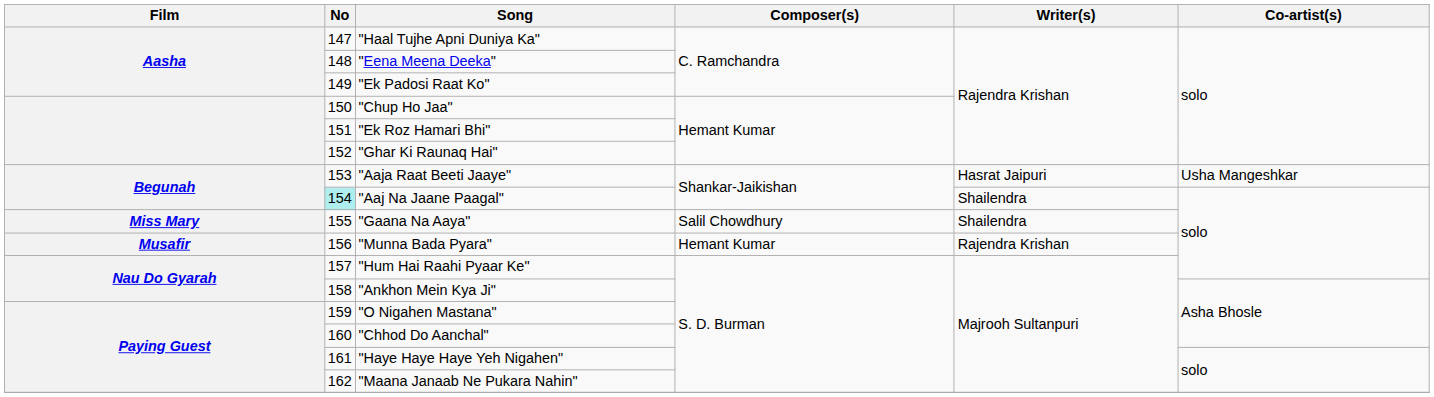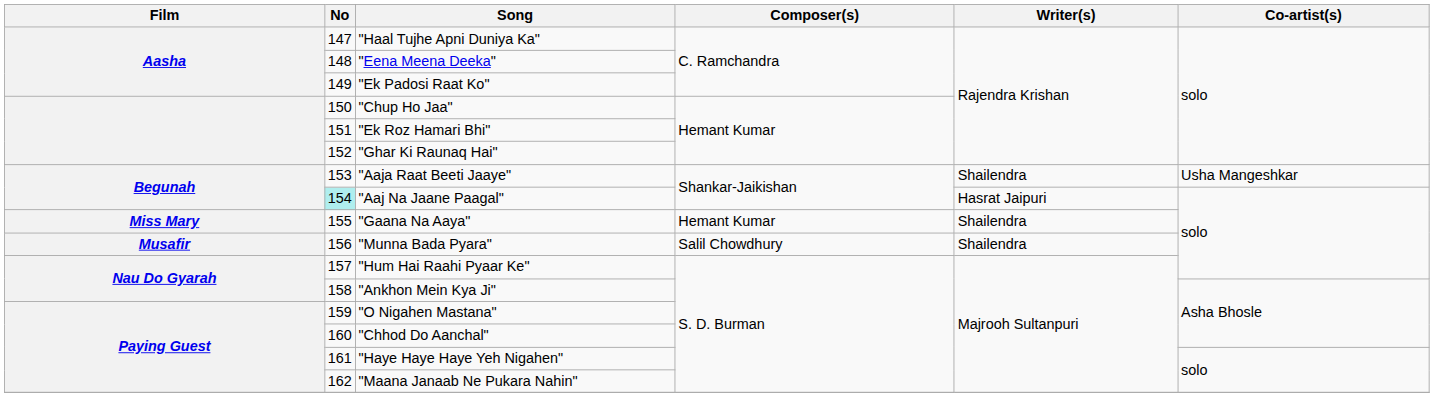 <table class="wikitable plainrowheaders" width="100%" textcolor:#000;">
 <tr style="background:#b0e0e66;">
 <th scope="col" width=23%><strong>Film</strong></th>
 <th><strong>No</strong></th>
 <th scope="col" width=23%><strong>Song</strong></th>
 <th scope="col" width=20%><strong>Composer(s)</strong></th>
 <th scope="col" width=16%><strong>Writer(s)</strong></th>
 <th scope="col" width=18%><strong>Co-artist(s)</strong></th>
 </tr>
 <tr>
 <th rowspan=3><em><a href='#'>Aasha</a></em></th>
 <td>147</td>
 <td>"Haal Tujhe Apni Duniya Ka"</td>
 <td rowspan=3>C. Ramchandra</td>
 <td rowspan=6>Rajendra Krishan</td>
 <td rowspan=6>solo</td>
 </tr>
 <tr>
 <td>148</td>
 <td>"<a href='#'>Eena Meena Deeka</a>"</td>
 </tr>
 <tr>
 <td>149</td>
 <td>"Ek Padosi Raat Ko"</td>
 </tr>
 <tr>
 <th rowspan=3><em></em></th>
 <td>150</td>
 <td>"Chup Ho Jaa"</td>
 <td rowspan=3>Hemant Kumar</td>
 </tr>
 <tr>
 <td>151</td>
 <td>"Ek Roz Hamari Bhi"</td>
 </tr>
 <tr>
 <td>152</td>
 <td>"Ghar Ki Raunaq Hai"</td>
 </tr>
 <tr>
 <th rowspan=2><em><a href='#'>Begunah</a></em></th>
 <td>153</td>
 <td>"Aaja Raat Beeti Jaaye"</td>
 <td rowspan=2>Shankar-Jaikishan</td>
-<td>Hasrat Jaipuri</td>
+<td>Shailendra</td>
 <td>Usha Mangeshkar</td>
 </tr>
 <tr>
 <td style="background: paleturquoise;">154</td>
 <td>"Aaj Na Jaane Paagal"</td>
-<td>Shailendra</td>
+<td>Hasrat Jaipuri</td>
 <td rowspan=4>solo</td>
 </tr>
 <tr>
 <th><em><a href='#'>Miss Mary</a></em></th>
 <td>155</td>
 <td>"Gaana Na Aaya"</td>
-<td>Salil Chowdhury</td>
+<td>Hemant Kumar</td>
 <td>Shailendra</td>
 </tr>
 <tr>
 <th><em><a href='#'>Musafir</a></em></th>
 <td>156</td>
 <td>"Munna Bada Pyara"</td>
-<td>Hemant Kumar</td>
-<td>Rajendra Krishan</td>
+<td>Salil Chowdhury</td>
+<td>Shailendra</td>
 </tr>
 <tr>
 <th rowspan=2><em><a href='#'>Nau Do Gyarah</a></em></th>
 <td>157</td>
 <td>"Hum Hai Raahi Pyaar Ke"</td>
 <td rowspan=6>S. D. Burman</td>
 <td rowspan=6>Majrooh Sultanpuri</td>
 </tr>
 <tr>
 <td>158</td>
 <td>"Ankhon Mein Kya Ji"</td>
 <td rowspan=3>Asha Bhosle</td>
 </tr>
 <tr>
 <th rowspan=4><em><a href='#'>Paying Guest</a></em></th>
 <td>159</td>
 <td>"O Nigahen Mastana"</td>
 </tr>
 <tr>
 <td>160</td>
 <td>"Chhod Do Aanchal"</td>
 </tr>
 <tr>
 <td>161</td>
 <td>"Haye Haye Haye Yeh Nigahen"</td>
 <td rowspan=2>solo</td>
 </tr>
 <tr>
 <td>162</td>
 <td>"Maana Janaab Ne Pukara Nahin"</td>
 </tr>
 <tr>
 </tr>
 </table>
